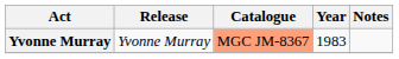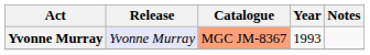 <table class="wikitable plainrowheaders sortable">
 <tr>
 <th scope="col" class="unsortable">Act</th>
 <th scope="col">Release</th>
 <th scope="col">Catalogue</th>
 <th scope="col">Year</th>
 <th scope="col" class="unsortable">Notes</th>
 </tr>
 <tr>
 <th scope="row">Yvonne Murray</th>
-<td><em>Yvonne Murray</em></td>
+<td style="background: lavender;"><em>Yvonne Murray</em></td>
 <td style="background: lightsalmon;">MGC JM-8367</td>
-<td>1983</td>
+<td>1993</td>
 <td></td>
 </tr>
 <tr>
 </tr>
 </table>
